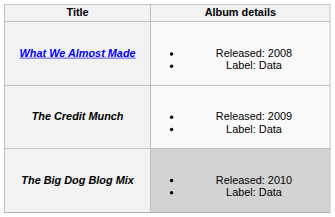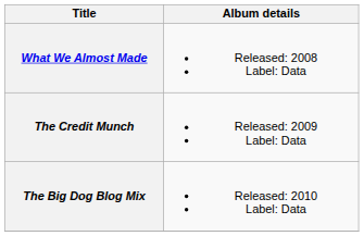 <table class="wikitable plainrowheaders" style="text-align:center;">
 <tr>
 <th scope="col" style="width:13em;">Title</th>
 <th scope="col" style="width:16em;">Album details</th>
 </tr>
 <tr>
 <th scope="row"><em><a href='#'>What We Almost Made</a></em></th>
 <td><br><ul><li>Released: 2008</li><li>Label: Data</li></ul></td>
 </tr>
 <tr>
 <th scope="row"><em>The Credit Munch</em></th>
 <td><br><ul><li>Released: 2009</li><li>Label: Data</li></ul></td>
 </tr>
 <tr>
 <th scope="row"><em>The Big Dog Blog Mix</em></th>
-<td style="background: lightgrey;"><br><ul><li>Released: 2010</li><li>Label: Data</li></ul></td>
+<td><br><ul><li>Released: 2010</li><li>Label: Data</li></ul></td>
 </tr>
 <tr>
 </tr>
 </table>
